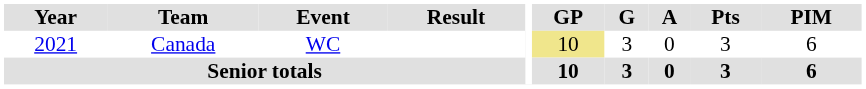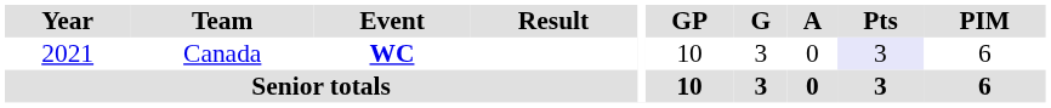 <table border="0" cellpadding="1" cellspacing="0" ID="Table3" style="text-align:center; width:40em">
 <tr ALIGN="center" bgcolor="#e0e0e0">
 <th>Year</th>
 <th>Team</th>
 <th>Event</th>
 <th>Result</th>
 <th rowspan="99" bgcolor="#ffffff"></th>
 <th>GP</th>
 <th>G</th>
 <th>A</th>
 <th>Pts</th>
 <th>PIM</th>
 </tr>
 <tr>
 <td><a href='#'>2021</a></td>
 <td><a href='#'>Canada</a></td>
-<td><a href='#'>WC</a></td>
+<td><strong><a href='#'>WC</a></strong></td>
 <td></td>
-<td style="background: khaki;">10</td>
+<td>10</td>
 <td>3</td>
 <td>0</td>
-<td>3</td>
+<td style="background: lavender;">3</td>
 <td>6</td>
 </tr>
 <tr bgcolor="#e0e0e0">
 <th colspan="4">Senior totals</th>
 <th>10</th>
 <th>3</th>
 <th>0</th>
 <th>3</th>
 <th>6</th>
 </tr>
 </table>
